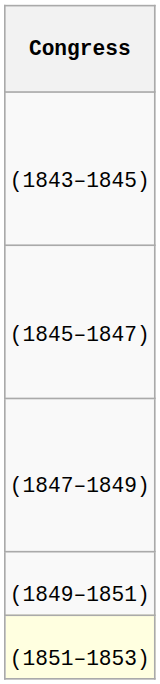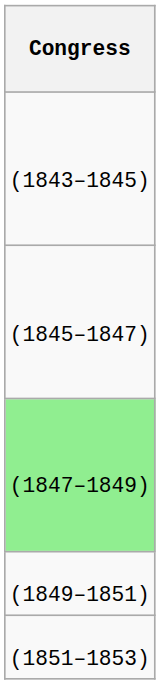 <table class="wikitable" style="float:left; margin:0; margin-right:-0.5px; margin-top:14px; text-align:center;">
 <tr style="white-space:nowrap; height:4.1em;">
 <th>Congress</th>
 </tr>
 <tr style="white-space:nowrap; height:7.22em;">
 <td><strong></strong><br>(1843–1845)</td>
 </tr>
 <tr style="white-space:nowrap; height:7.22em">
 <td><strong></strong><br>(1845–1847)</td>
 </tr>
 <tr style="white-space:nowrap; height:7.22em">
-<td><strong></strong><br>(1847–1849)</td>
+<td style="background: lightgreen;"><strong></strong><br>(1847–1849)</td>
 </tr>
 <tr style="white-space:nowrap; height:3em">
 <td><strong></strong><br>(1849–1851)</td>
 </tr>
 <tr style="white-space:nowrap; height:3em">
-<td style="background: lightyellow;"><strong></strong><br>(1851–1853)</td>
+<td><strong></strong><br>(1851–1853)</td>
 </tr>
 </table>
